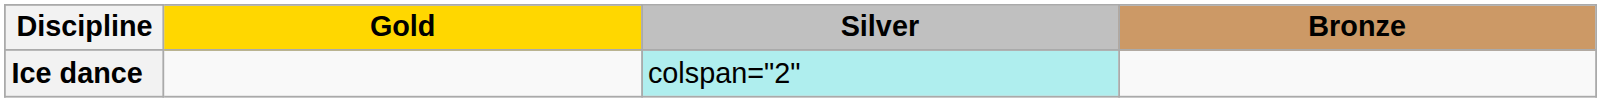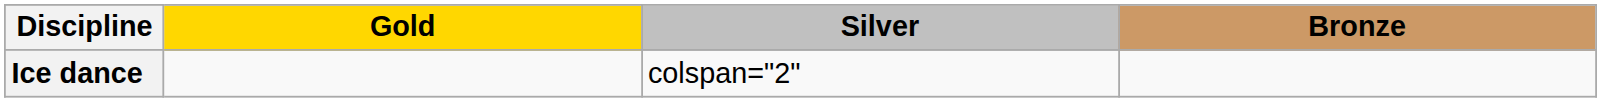 <table class="wikitable unsortable" style="text-align:left; width:70%">
 <tr>
 <th scope="col">Discipline</th>
 <td scope="col" style="text-align:center; width:30%; background:gold"><strong>Gold</strong></td>
 <td scope="col" style="text-align:center; width:30%; background:silver"><strong>Silver</strong></td>
 <td scope="col" style="text-align:center; width:30%; background:#c96"><strong>Bronze</strong></td>
 </tr>
 <tr>
 <th scope="row" style="text-align:left">Ice dance</th>
 <td></td>
-<td style="background: paleturquoise;">colspan="2" </td>
+<td>colspan="2" </td>
 </tr>
 </table>
